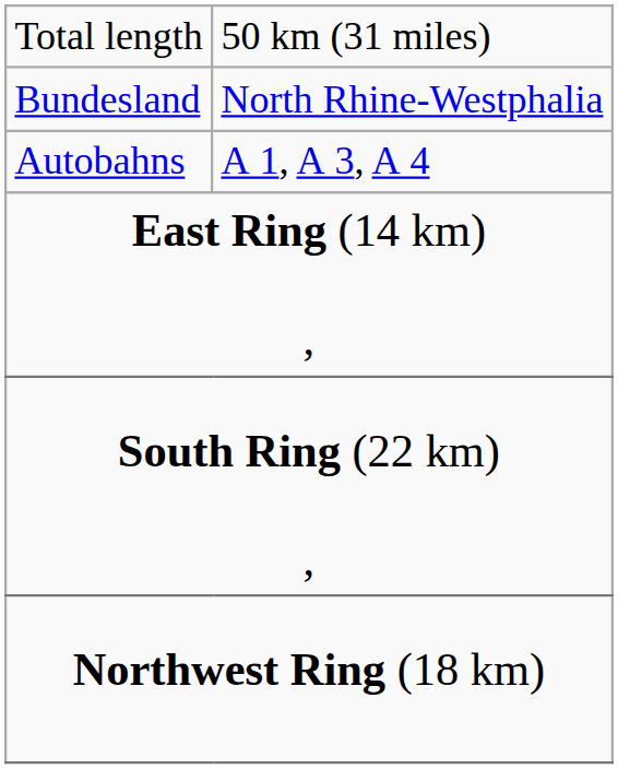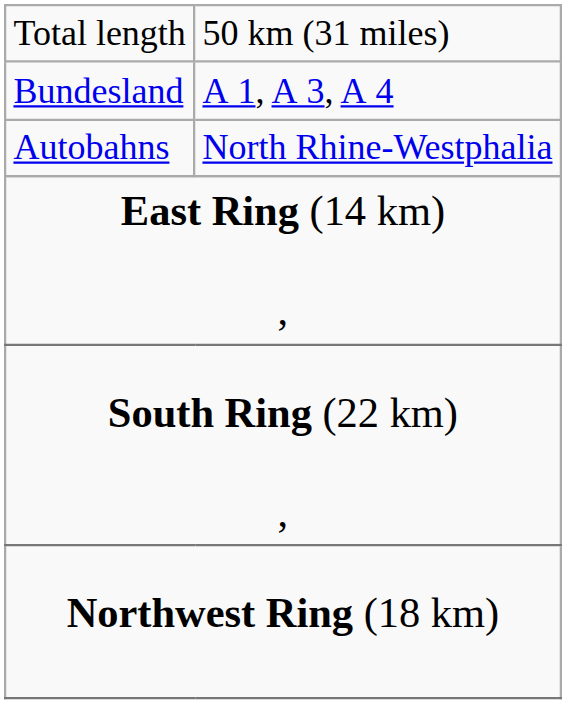 <table class="wikitable floatright">
 <tr>
 <td>Total length</td>
 <td>50 km (31 miles)</td>
 </tr>
 <tr>
 <td><a href='#'>Bundesland</a></td>
-<td><a href='#'>North Rhine-Westphalia</a></td>
+<td><a href='#'>A 1</a>, <a href='#'>A 3</a>, <a href='#'>A 4</a></td>
 </tr>
 <tr>
 <td><a href='#'>Autobahns</a></td>
-<td><a href='#'>A 1</a>, <a href='#'>A 3</a>, <a href='#'>A 4</a></td>
+<td><a href='#'>North Rhine-Westphalia</a></td>
 </tr>
 <tr>
 </tr>
 <tr>
 <td colspan="3" style="font-size: 118%; text-align: center; border-bottom: 1px solid #777;"><strong>East Ring</strong> (14 km) <br><br>      , </td>
 </tr>
 <tr>
 <td colspan="3" style="font-size: 118%; text-align: center; border-bottom: 1px solid #777; padding-top:1em;"><strong>South Ring</strong> (22 km)<br><br>  ,        </td>
 </tr>
 <tr>
 <td colspan="3" style="font-size: 118%; text-align: center; border-bottom: 1px solid #777; padding-top:1em;"><strong>Northwest Ring</strong> (18 km)<br><br>        </td>
 </tr>
 </table>
